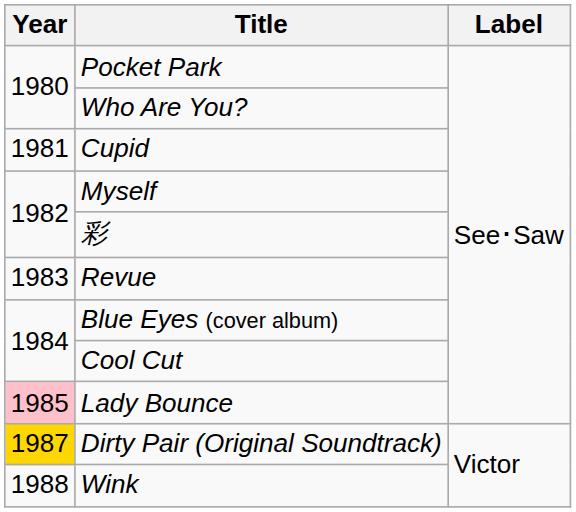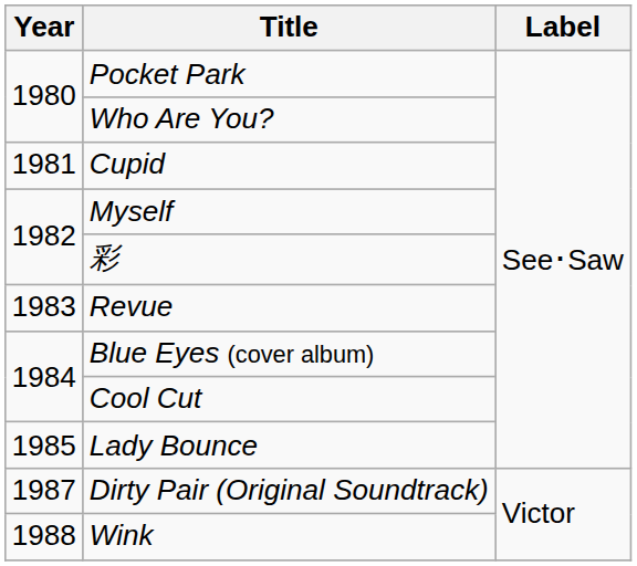 <table class="wikitable">
 <tr>
 <th scope="col">Year</th>
 <th scope="col">Title</th>
 <th scope="col">Label</th>
 </tr>
 <tr>
 <td rowspan=2>1980</td>
 <td><em>Pocket Park</em></td>
 <td rowspan=9>See･Saw</td>
 </tr>
 <tr>
 <td><em>Who Are You?</em></td>
 </tr>
 <tr>
 <td>1981</td>
 <td><em>Cupid</em></td>
 </tr>
 <tr>
 <td rowspan=2>1982</td>
 <td><em>Myself</em></td>
 </tr>
 <tr>
 <td><em>彩</em></td>
 </tr>
 <tr>
 <td>1983</td>
 <td><em>Revue</em></td>
 </tr>
 <tr>
 <td rowspan=2>1984</td>
 <td><em>Blue Eyes</em> <small>(cover album)</small></td>
 </tr>
 <tr>
 <td><em>Cool Cut</em></td>
 </tr>
 <tr>
-<td style="background: pink;">1985</td>
+<td>1985</td>
 <td><em>Lady Bounce</em></td>
 </tr>
 <tr>
-<td style="background: gold;">1987</td>
+<td>1987</td>
 <td><em>Dirty Pair (Original Soundtrack)</em></td>
 <td rowspan=2>Victor</td>
 </tr>
 <tr>
 <td>1988</td>
 <td><em>Wink</em></td>
 </tr>
 </table>
